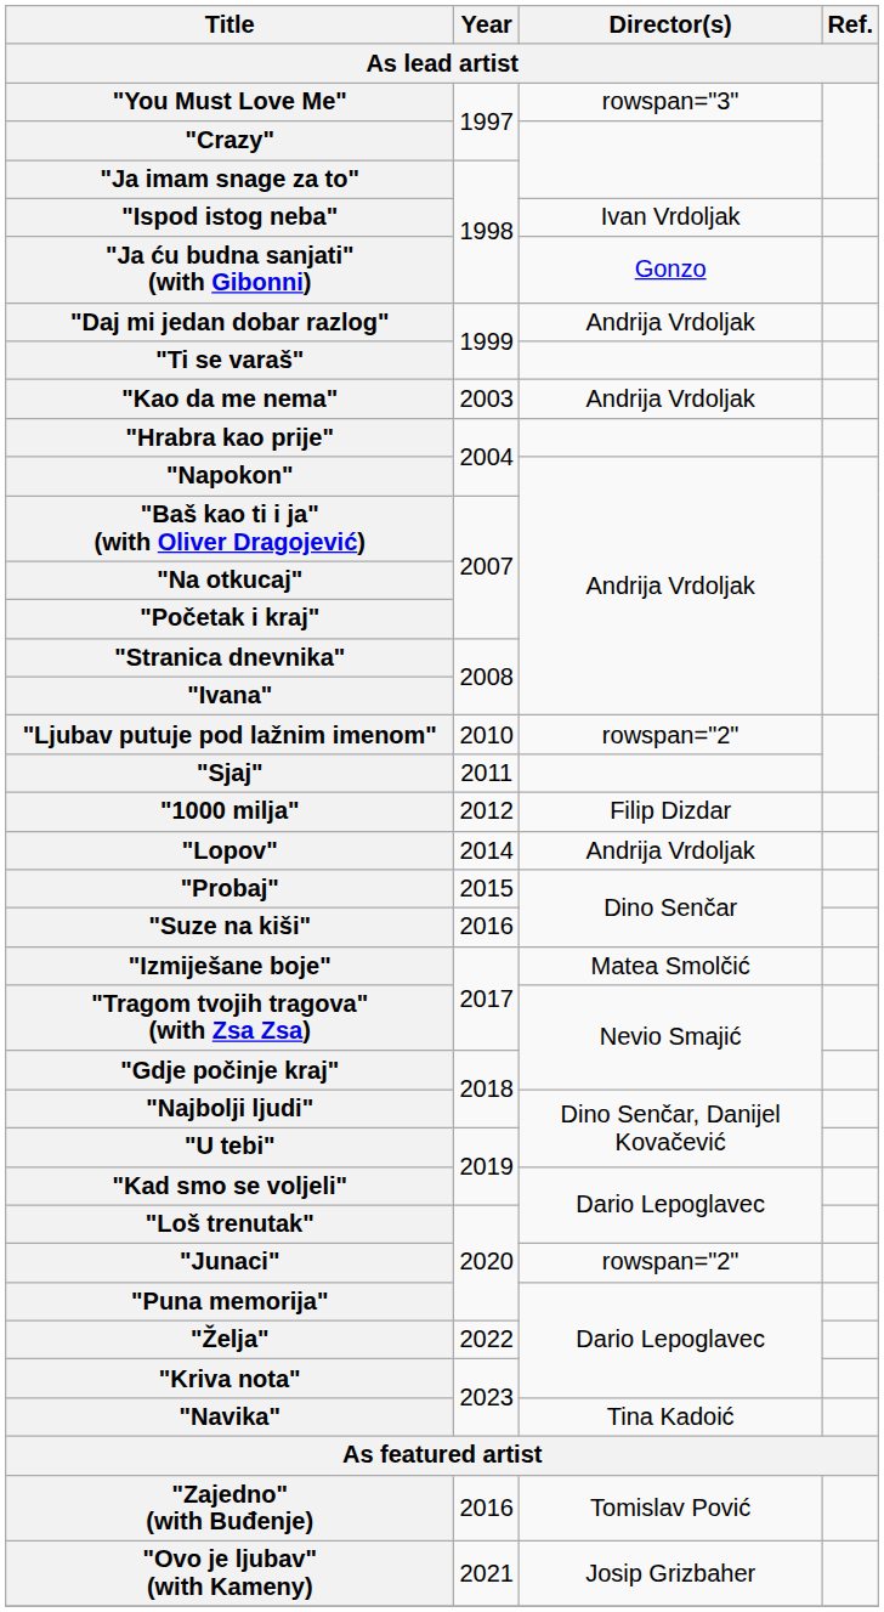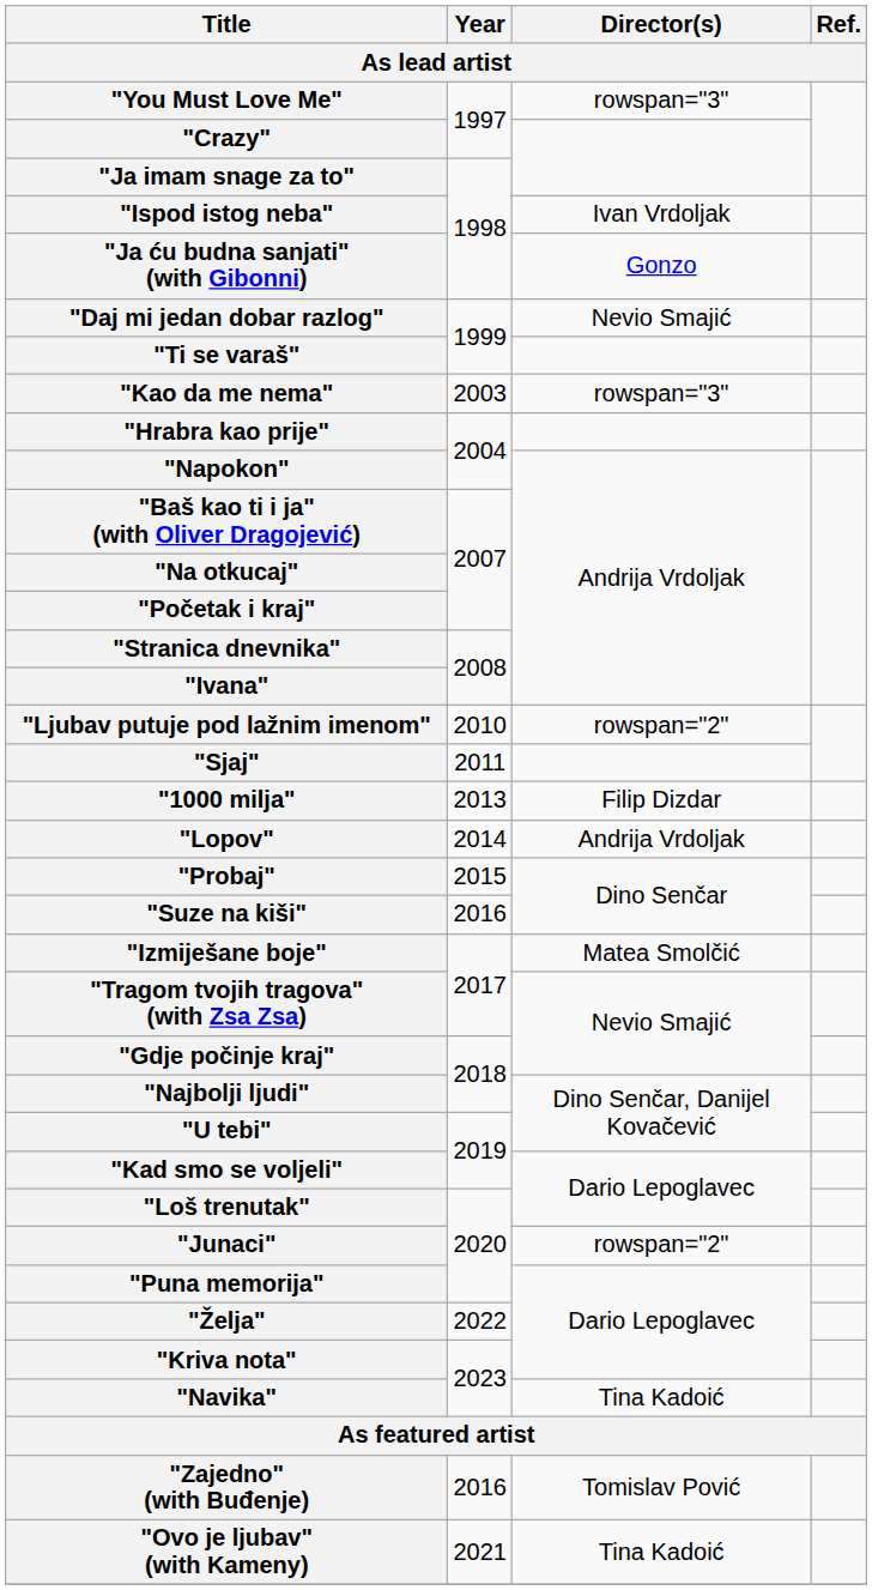 <table class="wikitable plainrowheaders" style="text-align:center;">
 <tr>
 <th scope="col" style="width:18em;">Title</th>
 <th scope="col">Year</th>
 <th scope="col" style="width:12em;">Director(s)</th>
 <th scope="col">Ref.</th>
 </tr>
 <tr>
 <th scope="col" colspan="5">As lead artist</th>
 </tr>
 <tr>
 <th scope="row">"You Must Love Me"</th>
 <td rowspan="2">1997</td>
 <td>rowspan="3" </td>
 <td rowspan="3"></td>
 </tr>
 <tr>
 <th scope="row">"Crazy"</th>
 </tr>
 <tr>
 <th scope="row">"Ja imam snage za to"</th>
 <td rowspan="3">1998</td>
 </tr>
 <tr>
 <th scope="row">"Ispod istog neba"</th>
 <td>Ivan Vrdoljak</td>
 <td></td>
 </tr>
 <tr>
 <th scope="row">"Ja ću budna sanjati" <br><span>(with <a href='#'>Gibonni</a>)</span></th>
 <td><a href='#'>Gonzo</a></td>
 <td></td>
 </tr>
 <tr>
 <th scope="row">"Daj mi jedan dobar razlog"</th>
 <td rowspan="2">1999</td>
-<td>Andrija Vrdoljak</td>
+<td>Nevio Smajić</td>
 <td></td>
 </tr>
 <tr>
 <th scope="row">"Ti se varaš"</th>
 <td></td>
 <td></td>
 </tr>
 <tr>
 <th scope="row">"Kao da me nema"</th>
 <td>2003</td>
-<td>Andrija Vrdoljak</td>
+<td>rowspan="3" </td>
 <td></td>
 </tr>
 <tr>
 <th scope="row">"Hrabra kao prije"</th>
 <td rowspan="2">2004</td>
 <td></td>
 <td></td>
 </tr>
 <tr>
 <th scope="row">"Napokon"</th>
 <td rowspan="6">Andrija Vrdoljak</td>
 <td rowspan="6"></td>
 </tr>
 <tr>
 <th scope="row">"Baš kao ti i ja" <br><span>(with <a href='#'>Oliver Dragojević</a>)</span></th>
 <td rowspan="3">2007</td>
 </tr>
 <tr>
 <th scope="row">"Na otkucaj"</th>
 </tr>
 <tr>
 <th scope="row">"Početak i kraj"</th>
 </tr>
 <tr>
 <th scope="row">"Stranica dnevnika"</th>
 <td rowspan="2">2008</td>
 </tr>
 <tr>
 <th scope="row">"Ivana"</th>
 </tr>
 <tr>
 <th scope="row">"Ljubav putuje pod lažnim imenom"</th>
 <td>2010</td>
 <td>rowspan="2" </td>
 <td rowspan="2"></td>
 </tr>
 <tr>
 <th scope="row">"Sjaj"</th>
 <td>2011</td>
 </tr>
 <tr>
 <th scope="row">"1000 milja"</th>
-<td>2012</td>
+<td>2013</td>
 <td>Filip Dizdar</td>
 <td></td>
 </tr>
 <tr>
 <th scope="row">"Lopov"</th>
 <td>2014</td>
 <td>Andrija Vrdoljak</td>
 <td></td>
 </tr>
 <tr>
 <th scope="row">"Probaj"</th>
 <td>2015</td>
 <td rowspan="2">Dino Senčar</td>
 <td></td>
 </tr>
 <tr>
 <th scope="row">"Suze na kiši"</th>
 <td>2016</td>
 <td></td>
 </tr>
 <tr>
 <th scope="row">"Izmiješane boje"</th>
 <td rowspan="2">2017</td>
 <td>Matea Smolčić</td>
 <td></td>
 </tr>
 <tr>
 <th scope="row">"Tragom tvojih tragova" <br><span>(with <a href='#'>Zsa Zsa</a>)</span></th>
 <td rowspan="2">Nevio Smajić</td>
 <td></td>
 </tr>
 <tr>
 <th scope="row">"Gdje počinje kraj"</th>
 <td rowspan="2">2018</td>
 <td></td>
 </tr>
 <tr>
 <th scope="row">"Najbolji ljudi"</th>
 <td rowspan="2">Dino Senčar, Danijel Kovačević</td>
 <td></td>
 </tr>
 <tr>
 <th scope="row">"U tebi"</th>
 <td rowspan="2">2019</td>
 <td></td>
 </tr>
 <tr>
 <th scope="row">"Kad smo se voljeli"</th>
 <td rowspan="2">Dario Lepoglavec</td>
 <td></td>
 </tr>
 <tr>
 <th scope="row">"Loš trenutak"</th>
 <td rowspan="3">2020</td>
 <td></td>
 </tr>
 <tr>
 <th scope="row">"Junaci"</th>
 <td>rowspan="2" </td>
 <td></td>
 </tr>
 <tr>
 <th scope="row">"Puna memorija"</th>
 <td rowspan="3">Dario Lepoglavec</td>
 <td></td>
 </tr>
 <tr>
 <th scope="row">"Želja"</th>
 <td>2022</td>
 <td></td>
 </tr>
 <tr>
 <th scope="row">"Kriva nota"</th>
 <td rowspan="2">2023</td>
 <td></td>
 </tr>
 <tr>
 <th scope="row">"Navika"</th>
 <td>Tina Kadoić</td>
 <td></td>
 </tr>
 <tr>
 <th scope="col" colspan="5">As featured artist</th>
 </tr>
 <tr>
 <th scope="row">"Zajedno"<br><span>(with Buđenje)</span></th>
 <td>2016</td>
 <td>Tomislav Pović</td>
 <td></td>
 </tr>
 <tr>
 <th scope="row">"Ovo je ljubav"<br><span>(with Kameny)</span></th>
 <td>2021</td>
-<td>Josip Grizbaher</td>
+<td>Tina Kadoić</td>
 <td></td>
 </tr>
 <tr>
 </tr>
 </table>
